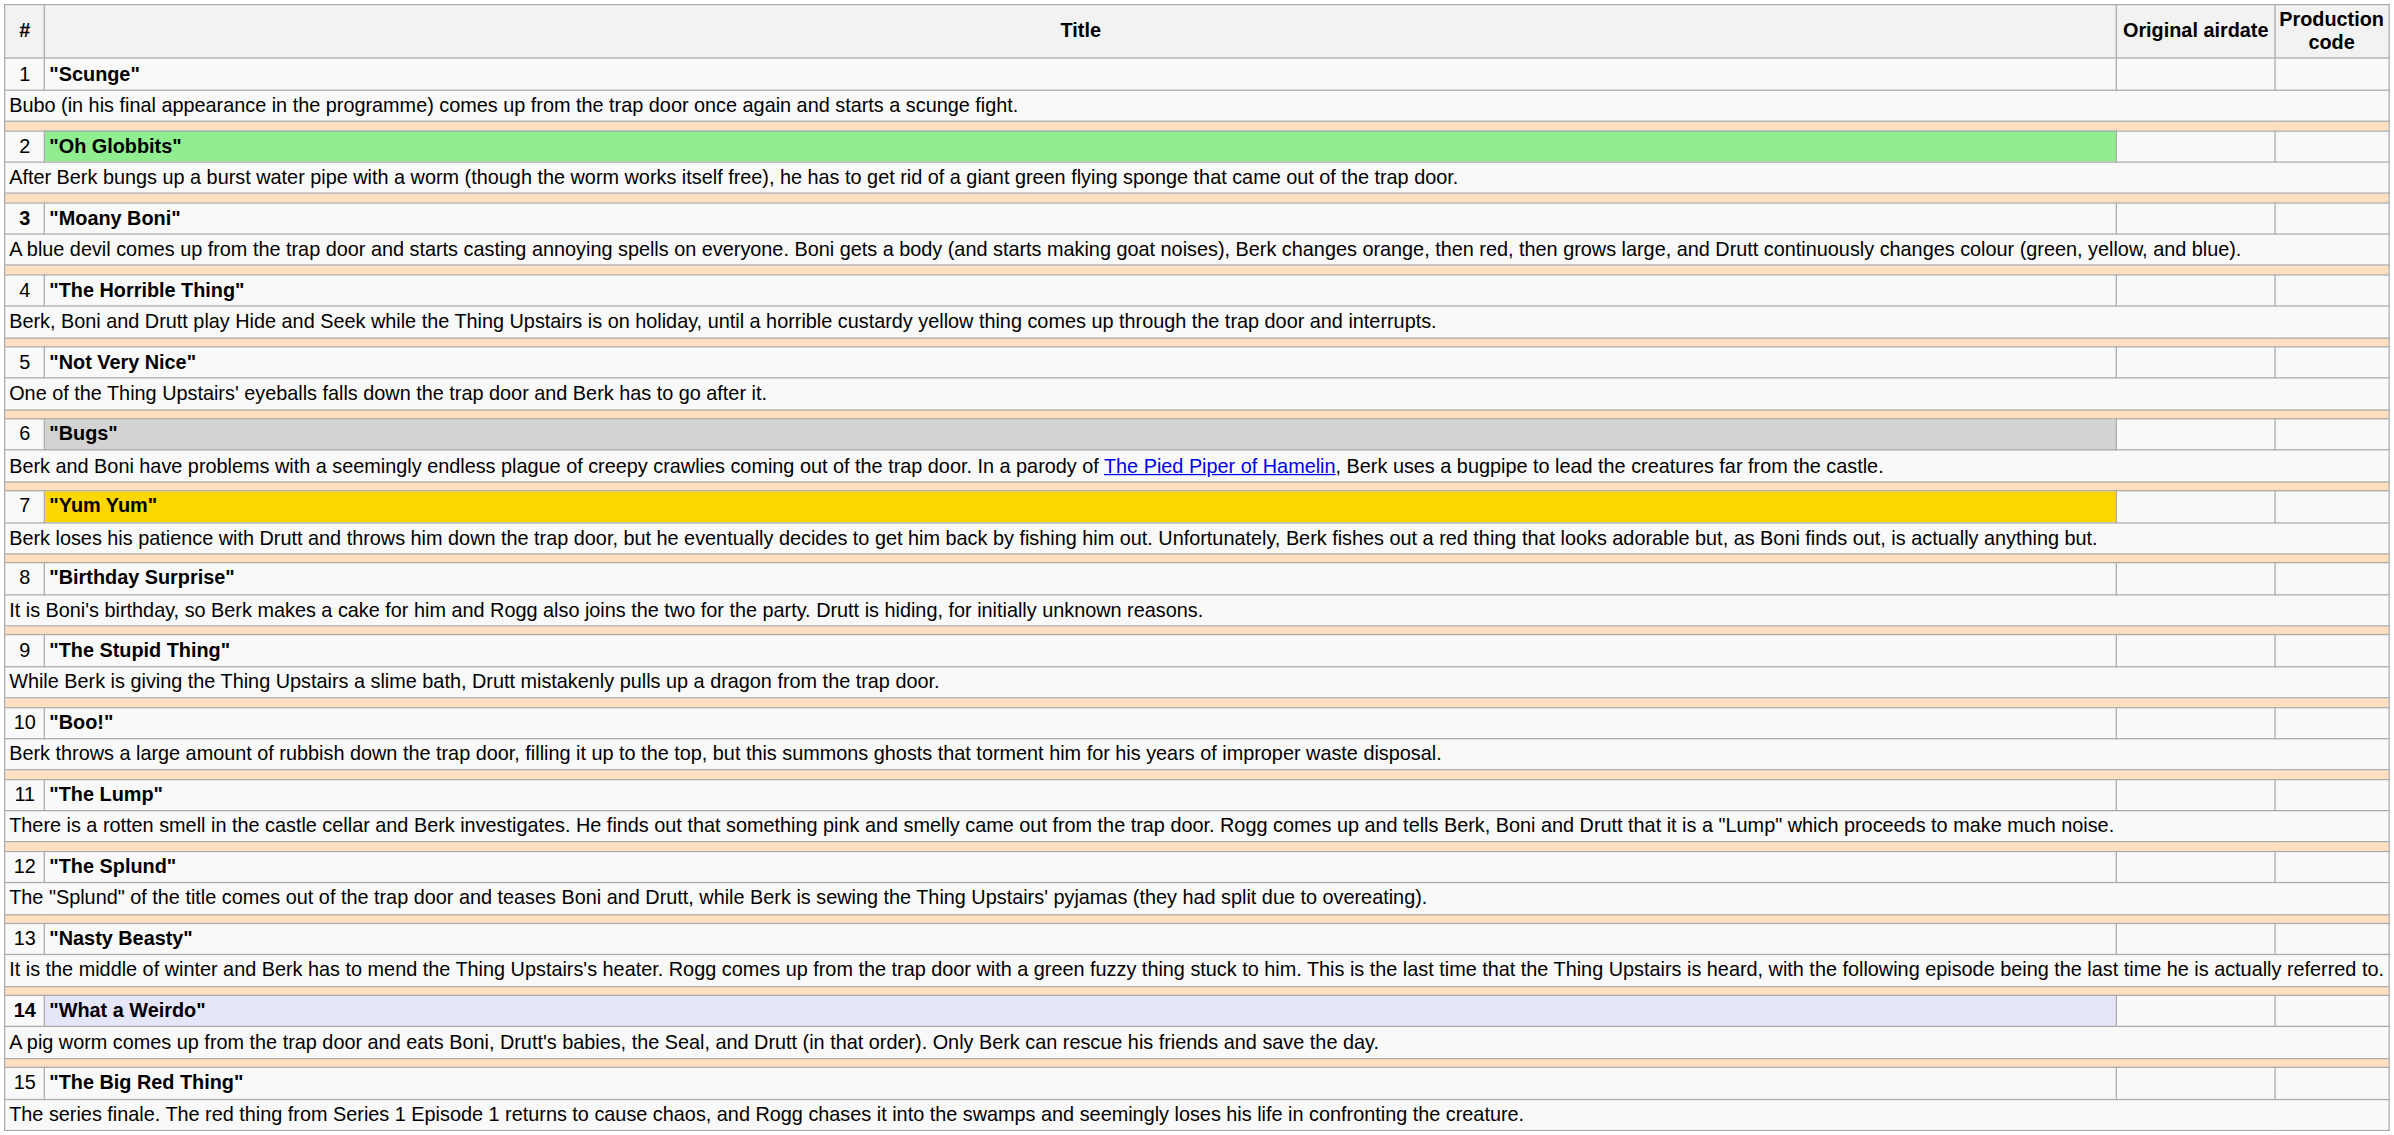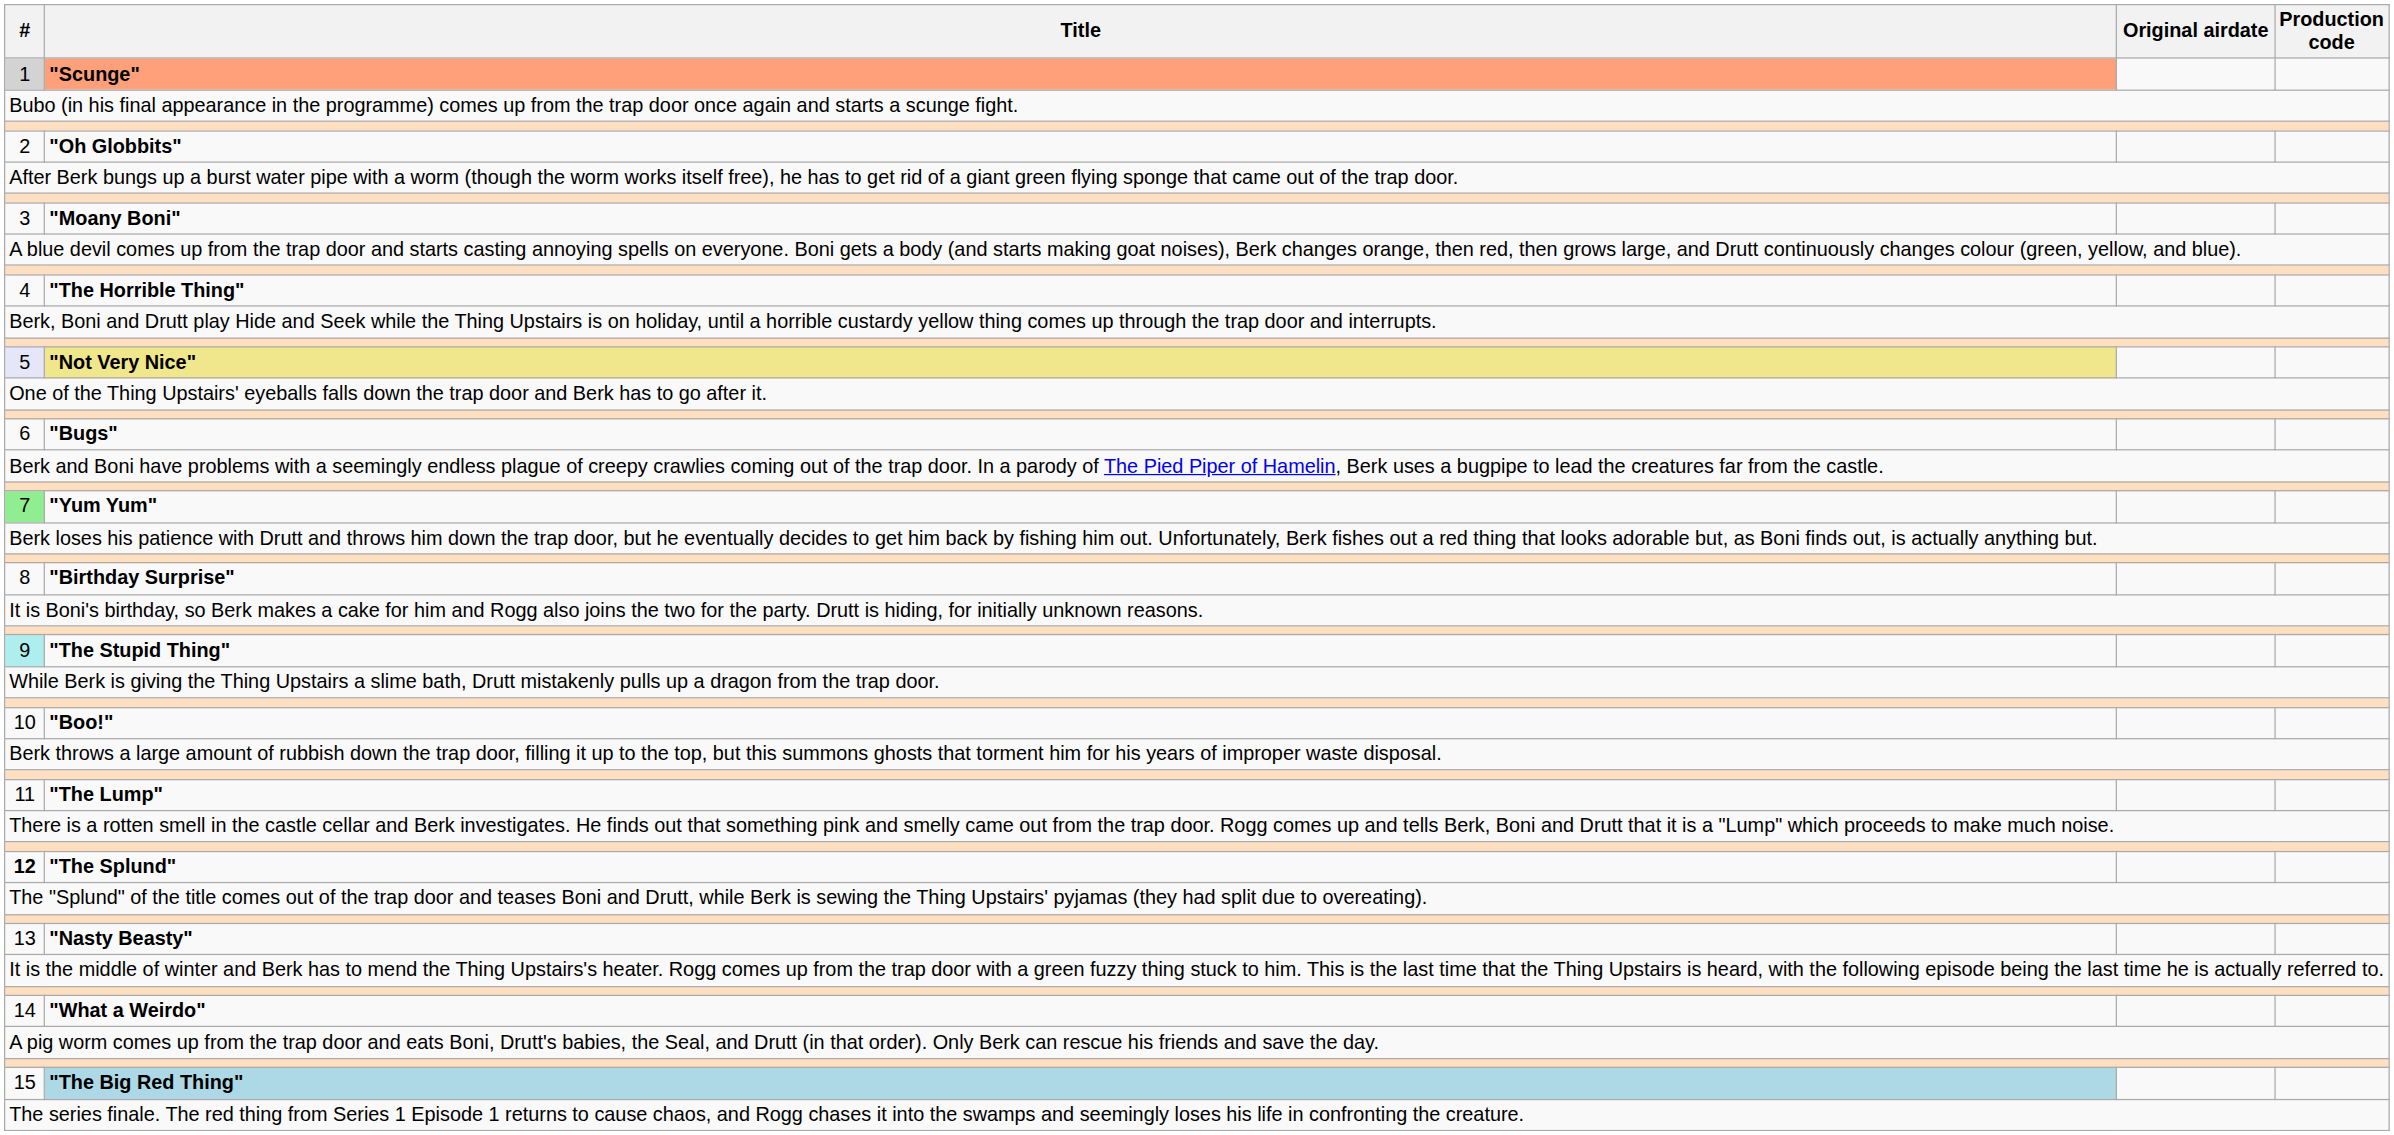 <table class="wikitable">
 <tr>
 <th width="25">#</th>
 <th>Title</th>
 <th width="120">Original airdate</th>
 <th width="50">Production code</th>
 </tr>
 <tr>
-<td align="center">1</td>
-<td><strong>"Scunge"</strong></td>
+<td align="center" style="background: lightgrey;">1</td>
+<td style="background: lightsalmon;"><strong>"Scunge"</strong></td>
 <td align="center"></td>
 <td align="center"></td>
 </tr>
 <tr>
 <td colspan="4">Bubo (in his final appearance in the programme) comes up from the trap door once again and starts a scunge fight.</td>
 </tr>
 <tr>
 <td colspan="5" bgcolor="#FFDFBF"></td>
 </tr>
 <tr>
 <td align="center">2</td>
-<td style="background: lightgreen;"><strong>"Oh Globbits"</strong></td>
+<td><strong>"Oh Globbits"</strong></td>
 <td align="center"></td>
 <td align="center"></td>
 </tr>
 <tr>
 <td colspan="4">After Berk bungs up a burst water pipe with a worm (though the worm works itself free), he has to get rid of a giant green flying sponge that came out of the trap door.</td>
 </tr>
 <tr>
 <td colspan="5" bgcolor="#FFDFBF"></td>
 </tr>
 <tr>
-<td align="center"><strong>3</strong></td>
+<td align="center">3</td>
 <td><strong>"Moany Boni"</strong></td>
 <td align="center"></td>
 <td align="center"></td>
 </tr>
 <tr>
 <td colspan="4">A blue devil comes up from the trap door and starts casting annoying spells on everyone. Boni gets a body (and starts making goat noises), Berk changes orange, then red, then grows large, and Drutt continuously changes colour (green, yellow, and blue).</td>
 </tr>
 <tr>
 <td colspan="5" bgcolor="#FFDFBF"></td>
 </tr>
 <tr>
 <td align="center">4</td>
 <td><strong>"The Horrible Thing"</strong></td>
 <td align="center"></td>
 <td align="center"></td>
 </tr>
 <tr>
 <td colspan="4">Berk, Boni and Drutt play Hide and Seek while the Thing Upstairs is on holiday, until a horrible custardy yellow thing comes up through the trap door and interrupts.</td>
 </tr>
 <tr>
 <td colspan="5" bgcolor="#FFDFBF"></td>
 </tr>
 <tr>
-<td align="center">5</td>
-<td><strong>"Not Very Nice"</strong></td>
+<td align="center" style="background: lavender;">5</td>
+<td style="background: khaki;"><strong>"Not Very Nice"</strong></td>
 <td align="center"></td>
 <td align="center"></td>
 </tr>
 <tr>
 <td colspan="4">One of the Thing Upstairs' eyeballs falls down the trap door and Berk has to go after it.</td>
 </tr>
 <tr>
 <td colspan="5" bgcolor="#FFDFBF"></td>
 </tr>
 <tr>
 <td align="center">6</td>
-<td style="background: lightgrey;"><strong>"Bugs"</strong></td>
+<td><strong>"Bugs"</strong></td>
 <td align="center"></td>
 <td align="center"></td>
 </tr>
 <tr>
 <td colspan="4">Berk and Boni have problems with a seemingly endless plague of creepy crawlies coming out of the trap door. In a parody of <a href='#'>The Pied Piper of Hamelin</a>, Berk uses a bugpipe to lead the creatures far from the castle.</td>
 </tr>
 <tr>
 <td colspan="5" bgcolor="#FFDFBF"></td>
 </tr>
 <tr>
-<td align="center">7</td>
-<td style="background: gold;"><strong>"Yum Yum"</strong></td>
+<td align="center" style="background: lightgreen;">7</td>
+<td><strong>"Yum Yum"</strong></td>
 <td align="center"></td>
 <td align="center"></td>
 </tr>
 <tr>
 <td colspan="4">Berk loses his patience with Drutt and throws him down the trap door, but he eventually decides to get him back by fishing him out. Unfortunately, Berk fishes out a red thing that looks adorable but, as Boni finds out, is actually anything but.</td>
 </tr>
 <tr>
 <td colspan="5" bgcolor="#FFDFBF"></td>
 </tr>
 <tr>
 <td align="center">8</td>
 <td><strong>"Birthday Surprise"</strong></td>
 <td align="center"></td>
 <td align="center"></td>
 </tr>
 <tr>
 <td colspan="4">It is Boni's birthday, so Berk makes a cake for him and Rogg also joins the two for the party. Drutt is hiding, for initially unknown reasons.</td>
 </tr>
 <tr>
 <td colspan="5" bgcolor="#FFDFBF"></td>
 </tr>
 <tr>
-<td align="center">9</td>
+<td align="center" style="background: paleturquoise;">9</td>
 <td><strong>"The Stupid Thing"</strong></td>
 <td align="center"></td>
 <td align="center"></td>
 </tr>
 <tr>
 <td colspan="4">While Berk is giving the Thing Upstairs a slime bath, Drutt mistakenly pulls up a dragon from the trap door.</td>
 </tr>
 <tr>
 <td colspan="5" bgcolor="#FFDFBF"></td>
 </tr>
 <tr>
 <td align="center">10</td>
 <td><strong>"Boo!"</strong></td>
 <td align="center"></td>
 <td align="center"></td>
 </tr>
 <tr>
 <td colspan="4">Berk throws a large amount of rubbish down the trap door, filling it up to the top, but this summons ghosts that torment him for his years of improper waste disposal.</td>
 </tr>
 <tr>
 <td colspan="5" bgcolor="#FFDFBF"></td>
 </tr>
 <tr>
 <td align="center">11</td>
 <td><strong>"The Lump"</strong></td>
 <td align="center"></td>
 <td align="center"></td>
 </tr>
 <tr>
 <td colspan="4">There is a rotten smell in the castle cellar and Berk investigates. He finds out that something pink and smelly came out from the trap door. Rogg comes up and tells Berk, Boni and Drutt that it is a "Lump" which proceeds to make much noise.</td>
 </tr>
 <tr>
 <td colspan="5" bgcolor="#FFDFBF"></td>
 </tr>
 <tr>
-<td align="center">12</td>
+<td align="center"><strong>12</strong></td>
 <td><strong>"The Splund"</strong></td>
 <td align="center"></td>
 <td align="center"></td>
 </tr>
 <tr>
 <td colspan="4">The "Splund" of the title comes out of the trap door and teases Boni and Drutt, while Berk is sewing the Thing Upstairs' pyjamas (they had split due to overeating).</td>
 </tr>
 <tr>
 <td colspan="5" bgcolor="#FFDFBF"></td>
 </tr>
 <tr>
 <td align="center">13</td>
 <td><strong>"Nasty Beasty"</strong></td>
 <td align="center"></td>
 <td align="center"></td>
 </tr>
 <tr>
 <td colspan="4">It is the middle of winter and Berk has to mend the Thing Upstairs's heater. Rogg comes up from the trap door with a green fuzzy thing stuck to him. This is the last time that the Thing Upstairs is heard, with the following episode being the last time he is actually referred to.</td>
 </tr>
 <tr>
 <td colspan="5" bgcolor="#FFDFBF"></td>
 </tr>
 <tr>
-<td align="center"><strong>14</strong></td>
-<td style="background: lavender;"><strong>"What a Weirdo"</strong></td>
+<td align="center">14</td>
+<td><strong>"What a Weirdo"</strong></td>
 <td align="center"></td>
 <td align="center"></td>
 </tr>
 <tr>
 <td colspan="4">A pig worm comes up from the trap door and eats Boni, Drutt's babies, the Seal, and Drutt (in that order).  Only Berk can rescue his friends and save the day.</td>
 </tr>
 <tr>
 <td colspan="5" bgcolor="#FFDFBF"></td>
 </tr>
 <tr>
 <td align="center">15</td>
-<td><strong>"The Big Red Thing"</strong></td>
+<td style="background: lightblue;"><strong>"The Big Red Thing"</strong></td>
 <td align="center"></td>
 <td align="center"></td>
 </tr>
 <tr>
 <td colspan="4">The series finale. The red thing from Series 1 Episode 1 returns to cause chaos, and Rogg chases it into the swamps and seemingly loses his life in confronting the creature.</td>
 </tr>
 </table>
